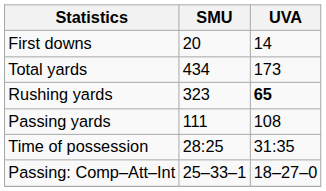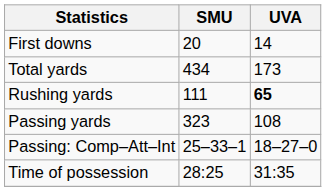 <table class="wikitable" style="float: left;">
 <tr>
 <th>Statistics</th>
 <th>SMU</th>
 <th>UVA</th>
 </tr>
 <tr>
 <td>First downs</td>
 <td>20</td>
 <td>14</td>
 </tr>
 <tr>
 <td>Total yards</td>
 <td>434</td>
 <td>173</td>
 </tr>
 <tr>
 <td>Rushing yards</td>
-<td>323</td>
+<td>111</td>
 <td><strong>65</strong></td>
 </tr>
 <tr>
 <td>Passing yards</td>
-<td>111</td>
+<td>323</td>
 <td>108</td>
+</tr>
+<tr>
+<td>Passing: Comp–Att–Int</td>
+<td>25–33–1</td>
+<td>18–27–0</td>
 </tr>
 <tr>
 <td>Time of possession</td>
 <td>28:25</td>
 <td>31:35</td>
 </tr>
 <tr>
-<td>Passing: Comp–Att–Int</td>
-<td>25–33–1</td>
-<td>18–27–0</td>
-</tr>
-<tr>
 </tr>
 </table>
